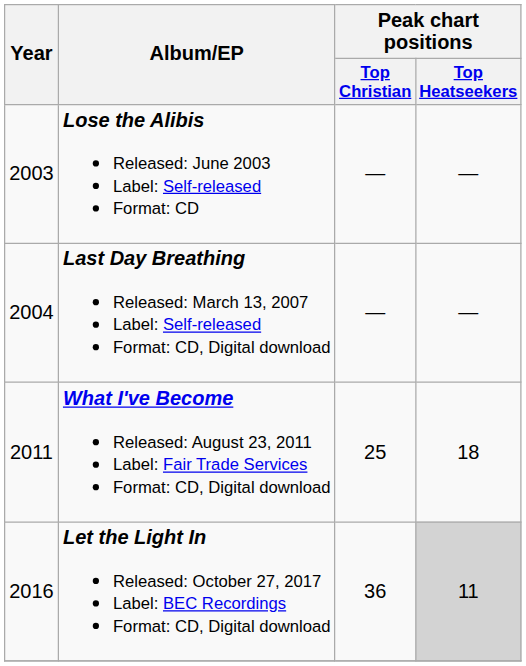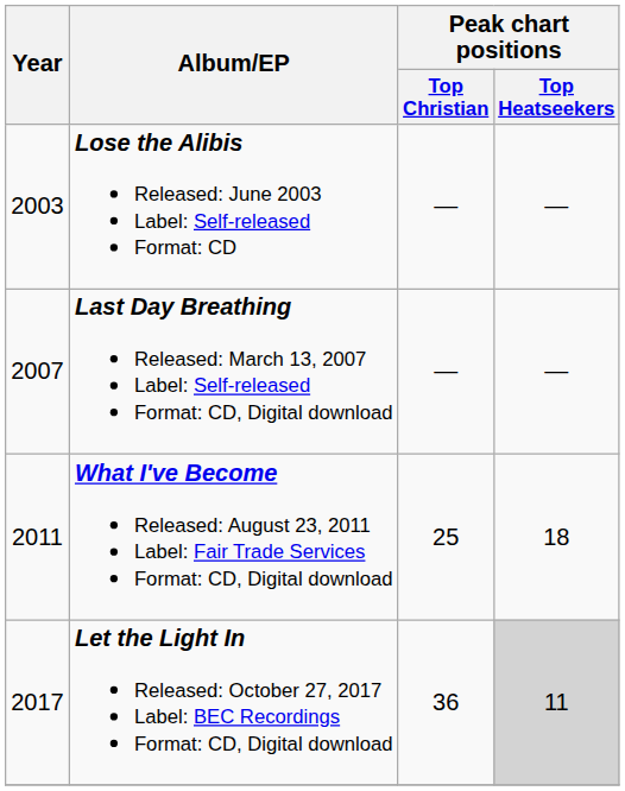 <table class="wikitable" style="text-align:center;">
 <tr>
 <th rowspan="2">Year</th>
 <th rowspan="2">Album/EP</th>
 <th colspan="4">Peak chart positions</th>
 </tr>
 <tr style="font-size:smaller;">
 <th width="40"><a href='#'>Top<br>Christian</a></th>
 <th width="40"><a href='#'>Top<br>Heatseekers</a></th>
 </tr>
 <tr>
 <td>2003</td>
 <td align="left"><strong><em>Lose the Alibis</em></strong><br><ul><li><small>Released: June 2003</small></li><li><small>Label: <a href='#'>Self-released</a></small></li><li><small>Format: CD</small></li></ul></td>
 <td>—</td>
 <td>—</td>
 </tr>
 <tr>
-<td>2004</td>
+<td>2007</td>
 <td align="left"><strong><em>Last Day Breathing</em></strong><br><ul><li><small>Released: March 13, 2007</small></li><li><small>Label: <a href='#'>Self-released</a></small></li><li><small>Format: CD, Digital download</small></li></ul></td>
 <td>—</td>
 <td>—</td>
 </tr>
 <tr>
 <td>2011</td>
 <td align="left"><strong><em><a href='#'>What I've Become</a></em></strong><br><ul><li><small>Released: August 23, 2011</small></li><li><small>Label: <a href='#'>Fair Trade Services</a></small></li><li><small>Format: CD, Digital download</small></li></ul></td>
 <td>25</td>
 <td>18</td>
 </tr>
 <tr>
-<td>2016</td>
+<td>2017</td>
 <td align="left"><strong><em>Let the Light In</em></strong><br><ul><li><small>Released: October 27, 2017</small></li><li><small>Label: <a href='#'>BEC Recordings</a></small></li><li><small>Format: CD, Digital download</small></li></ul></td>
 <td>36</td>
 <td style="background: lightgrey;">11</td>
 </tr>
 <tr>
 </tr>
 </table>
